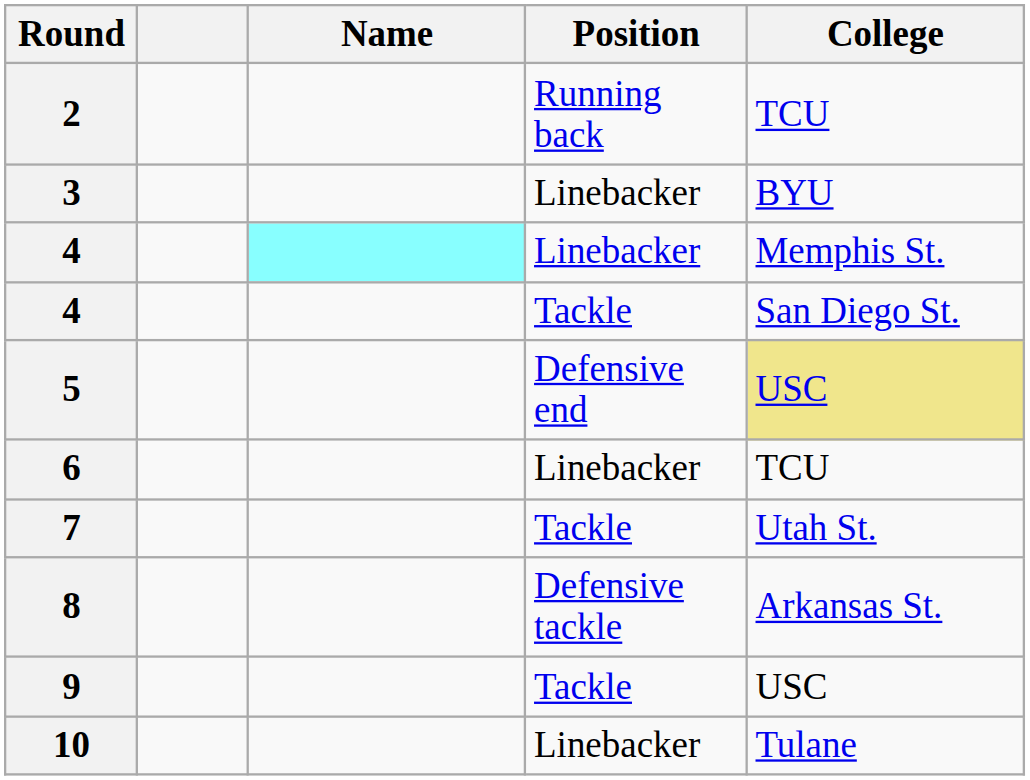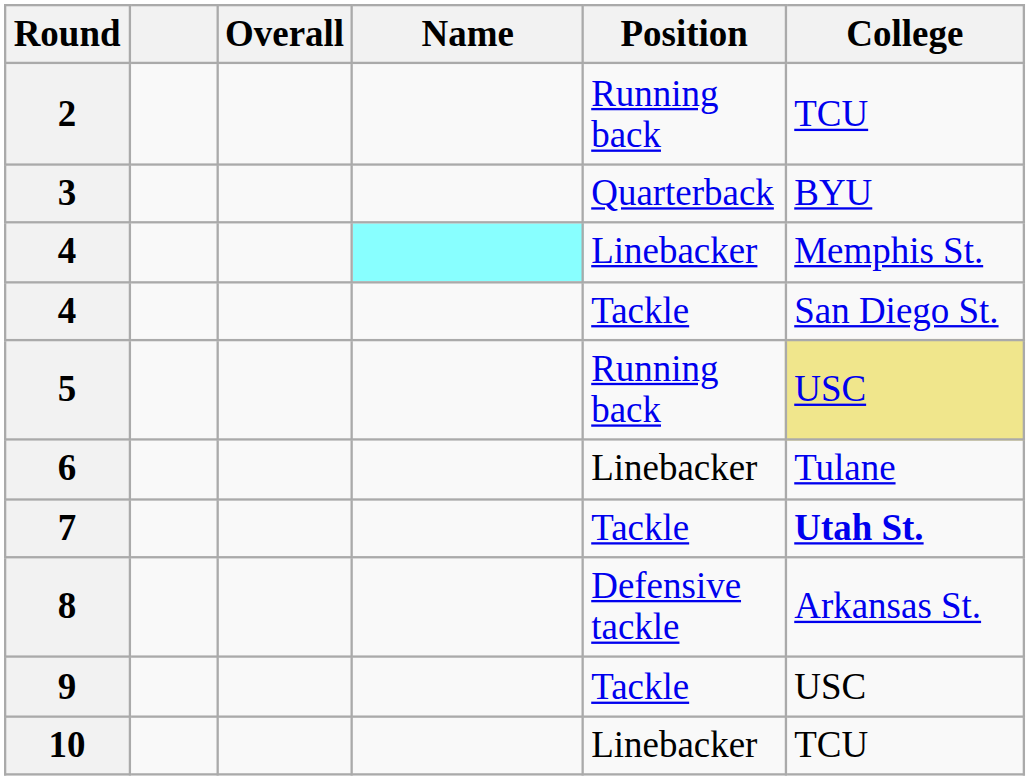 <table class="wikitable sortable" style="width: 50%;">
 <tr>
 <th scope="col" style="width: 10%;">Round</th>
 <th scope="col" style="width: 10%;"></th>
+<th scope="col" style="width: 10%;">Overall</th>
 <th scope="col" style="width: 25%;">Name</th>
 <th scope="col" style="width: 20%;">Position</th>
 <th scope="col" style="width: 25%;">College</th>
 </tr>
 <tr>
 <th scope="row">2</th>
+<td></td>
 <td></td>
 <td></td>
 <td><a href='#'>Running back</a></td>
 <td><a href='#'>TCU</a></td>
 </tr>
 <tr>
 <th scope="row">3</th>
 <td></td>
 <td></td>
-<td>Linebacker</td>
+<td></td>
+<td><a href='#'>Quarterback</a></td>
 <td><a href='#'>BYU</a></td>
 </tr>
 <tr>
 <th scope="row">4</th>
+<td></td>
 <td></td>
 <td style="background:#88FFFF;"> <sup></sup></td>
 <td><a href='#'>Linebacker</a></td>
 <td><a href='#'>Memphis St.</a></td>
 </tr>
 <tr>
 <th scope="row">4</th>
 <td></td>
 <td></td>
+<td></td>
 <td><a href='#'>Tackle</a></td>
 <td><a href='#'>San Diego St.</a></td>
 </tr>
 <tr>
 <th scope="row">5</th>
 <td></td>
 <td></td>
-<td><a href='#'>Defensive end</a></td>
+<td></td>
+<td><a href='#'>Running back</a></td>
 <td style="background: khaki;"><a href='#'>USC</a></td>
 </tr>
 <tr>
 <th scope="row">6</th>
 <td></td>
 <td></td>
+<td></td>
 <td>Linebacker</td>
-<td>TCU</td>
+<td><a href='#'>Tulane</a></td>
 </tr>
 <tr>
 <th scope="row">7</th>
 <td></td>
 <td></td>
+<td></td>
 <td><a href='#'>Tackle</a></td>
-<td><a href='#'>Utah St.</a></td>
+<td><strong><a href='#'>Utah St.</a></strong></td>
 </tr>
 <tr>
 <th scope="row">8</th>
+<td></td>
 <td></td>
 <td></td>
 <td><a href='#'>Defensive tackle</a></td>
 <td><a href='#'>Arkansas St.</a></td>
 </tr>
 <tr>
 <th scope="row">9</th>
 <td></td>
 <td></td>
+<td></td>
 <td><a href='#'>Tackle</a></td>
 <td>USC</td>
 </tr>
 <tr>
 <th scope="row">10</th>
 <td></td>
 <td></td>
+<td></td>
 <td>Linebacker</td>
-<td><a href='#'>Tulane</a></td>
+<td>TCU</td>
 </tr>
 </table>
